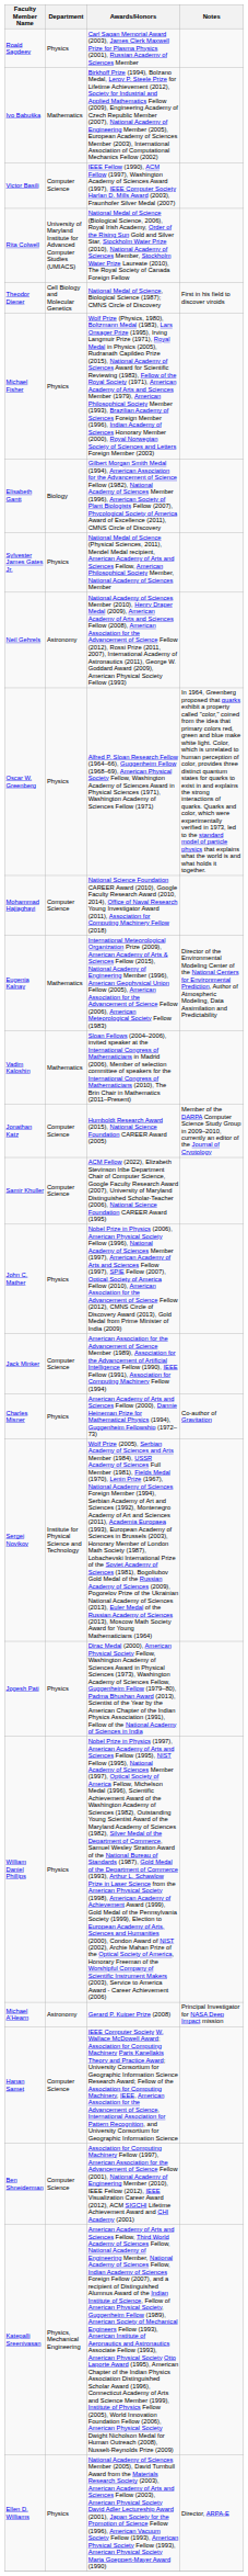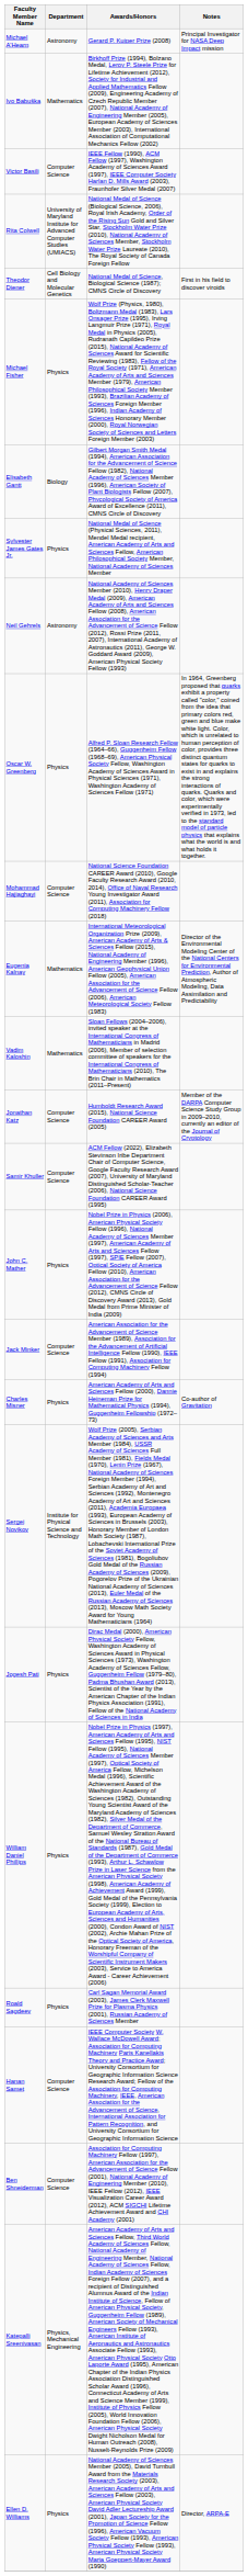 <table class="wikitable sortable">
 <tr>
 <th>Faculty Member Name</th>
 <th>Department</th>
 <th>Awards/Honors</th>
 <th>Notes</th>
 </tr>
 <tr>
-<td><a href='#'>Roald Sagdeev</a></td>
-<td>Physics</td>
-<td><a href='#'>Carl Sagan Memorial Award</a> (2003), <a href='#'>James Clerk Maxwell Prize for Plasma Physics</a> (2001), <a href='#'>Russian Academy of Sciences</a> Member</td>
-<td></td>
+<td><a href='#'>Michael A'Hearn</a></td>
+<td>Astronomy</td>
+<td><a href='#'>Gerard P. Kuiper Prize</a> (2008)</td>
+<td>Principal Investigator for <a href='#'>NASA Deep Impact</a> mission</td>
 </tr>
 <tr>
 <td><a href='#'>Ivo Babuška</a></td>
 <td>Mathematics</td>
 <td><a href='#'>Birkhoff Prize</a> (1994), Bolzano Medal, <a href='#'>Leroy P. Steele Prize</a> for Lifetime Achievement (2012), <a href='#'>Society for Industrial and Applied Mathematics</a> Fellow (2009), Engineering Academy of Czech Republic Member (2007), <a href='#'>National Academy of Engineering</a> Member (2005), European Academy of Sciences Member (2003), International Association of Computational Mechanics Fellow (2002)</td>
 <td></td>
 </tr>
 <tr>
 <td><a href='#'>Victor Basili</a></td>
 <td>Computer Science</td>
 <td><a href='#'>IEEE Fellow</a> (1990), <a href='#'>ACM Fellow</a> (1997), Washington Academy of Sciences Award (1997), <a href='#'>IEEE Computer Society</a> <a href='#'>Harlan D. Mills Award</a> (2003), Fraunhofer Silver Medal (2007)</td>
 <td></td>
 </tr>
 <tr>
 <td><a href='#'>Rita Colwell</a></td>
 <td>University of Maryland Institute for Advanced Computer Studies (UMIACS)</td>
 <td><a href='#'>National Medal of Science</a> (Biological Science, 2006), Royal Irish Academy, <a href='#'>Order of the Rising Sun</a> Gold and Silver Star, <a href='#'>Stockholm Water Prize</a> (2010), <a href='#'>National Academy of Sciences</a> Member, <a href='#'>Stockholm Water Prize</a> Laureate (2010), The Royal Society of Canada Foreign Fellow</td>
 <td></td>
 </tr>
 <tr>
 <td><a href='#'>Theodor Diener</a></td>
 <td>Cell Biology and Molecular Genetics</td>
 <td><a href='#'>National Medal of Science</a>, Biological Science (1987); CMNS Circle of Discovery</td>
 <td>First in his field to discover viroids</td>
 </tr>
 <tr>
 <td><a href='#'>Michael Fisher</a></td>
 <td>Physics</td>
 <td><a href='#'>Wolf Prize</a> (Physics, 1980), <a href='#'>Boltzmann Medal</a> (1983), <a href='#'>Lars Onsager Prize</a> (1995), Irving Langmuir Prize (1971), <a href='#'>Royal Medal</a> in Physics (2005), Rudranath Capildeo Prize (2015), <a href='#'>National Academy of Sciences</a> Award for Scientific Reviewing (1983), <a href='#'>Fellow of the Royal Society</a> (1971), <a href='#'>American Academy of Arts and Sciences</a> Member (1979), <a href='#'>American Philosophical Society</a> Member (1993), <a href='#'>Brazilian Academy of Sciences</a> Foreign Member (1996), <a href='#'>Indian Academy of Sciences</a> Honorary Member (2000), <a href='#'>Royal Norwegian Society of Sciences and Letters</a> Foreign Member (2003)</td>
 <td></td>
 </tr>
 <tr>
 <td><a href='#'>Elisabeth Gantt</a></td>
 <td>Biology</td>
 <td><a href='#'>Gilbert Morgan Smith Medal</a> (1994), <a href='#'>American Association for the Advancement of Science</a> Fellow (1982), <a href='#'>National Academy of Sciences</a> Member (1996), <a href='#'>American Society of Plant Biologists</a> Fellow (2007), <a href='#'>Phycological Society of America</a> Award of Excellence (2011), CMNS Circle of Discovery</td>
 <td></td>
 </tr>
 <tr>
 <td><a href='#'>Sylvester James Gates Jr.</a></td>
 <td>Physics</td>
 <td><a href='#'>National Medal of Science</a> (Physical Sciences, 2011), Mendel Medal recipient, <a href='#'>American Academy of Arts and Sciences</a> Fellow, <a href='#'>American Philosophical Society</a> Member, <a href='#'>National Academy of Sciences</a> Member</td>
 <td></td>
 </tr>
 <tr>
 <td><a href='#'>Neil Gehrels</a></td>
 <td>Astronomy</td>
 <td><a href='#'>National Academy of Sciences</a> Member (2010), <a href='#'>Henry Draper Medal</a> (2009), <a href='#'>American Academy of Arts and Sciences</a> Fellow (2008), <a href='#'>American Association for the Advancement of Science</a> Fellow (2012), Rossi Prize (2011, 2007), International Academy of Astronautics (2011), George W. Goddard Award (2009), American Physical Society Fellow (1993)</td>
 <td></td>
 </tr>
 <tr>
 <td><a href='#'>Oscar W. Greenberg</a></td>
 <td>Physics</td>
 <td><a href='#'>Alfred P. Sloan Research Fellow</a> (1964–66), <a href='#'>Guggenheim Fellow</a> (1968–69), <a href='#'>American Physical Society</a> Fellow, Washington Academy of Sciences Award in Physical Sciences (1971), Washington Academy of Sciences Fellow (1971)</td>
 <td>In 1964, Greenberg proposed that <a href='#'>quarks</a> exhibit a property called "color," coined from the idea that primary colors red, green and blue make white light. Color, which is unrelated to human perception of color, provides three distinct quantum states for quarks to exist in and explains the strong interactions of quarks. Quarks and color, which were experimentally verified in 1973, led to the <a href='#'>standard model of particle physics</a> that explains what the world is and what holds it together.</td>
 </tr>
 <tr>
 <td><a href='#'>Mohammad Hajiaghayi</a></td>
 <td>Computer Science</td>
 <td><a href='#'>National Science Foundation</a> CAREER Award (2010), Google Faculty Research Award (2010, 2014), <a href='#'>Office of Naval Research</a> Young Investigator Award (2011), <a href='#'>Association for Computing Machinery Fellow</a> (2018)</td>
 <td></td>
 </tr>
 <tr>
 <td><a href='#'>Eugenia Kalnay</a></td>
 <td>Mathematics</td>
 <td><a href='#'>International Meteorological Organization</a> Prize (2009), <a href='#'>American Academy of Arts & Sciences</a> Fellow (2015), <a href='#'>National Academy of Engineering</a> Member (1996), <a href='#'>American Geophysical Union</a> Fellow (2005), <a href='#'>American Association for the Advancement of Science</a> Fellow (2006), <a href='#'>American Meteorological Society</a> Fellow (1983)</td>
 <td>Director of the Environmental Modeling Center of the <a href='#'>National Centers for Environmental Prediction</a>, Author of Atmospheric Modeling, Data Assimilation and Predictability</td>
 </tr>
 <tr>
 <td><a href='#'>Vadim Kaloshin</a></td>
 <td>Mathematics</td>
 <td><a href='#'>Sloan Fellows</a> (2004–2006), invited speaker at the <a href='#'>International Congress of Mathematicians</a> in Madrid (2006), Member of selection committee of speakers for the <a href='#'>International Congress of Mathematicians</a> (2010), The Brin Chair in Mathematics (2011–Present)</td>
 <td></td>
 </tr>
 <tr>
 <td><a href='#'>Jonathan Katz</a></td>
 <td>Computer Science</td>
 <td><a href='#'>Humboldt Research Award</a> (2015), <a href='#'>National Science Foundation</a> CAREER Award (2005)</td>
 <td>Member of the <a href='#'>DARPA</a> Computer Science Study Group in 2009–2010, currently an editor of the <a href='#'>Journal of Cryptology</a></td>
 </tr>
 <tr>
 <td><a href='#'>Samir Khuller</a></td>
 <td>Computer Science</td>
 <td><a href='#'>ACM Fellow</a> (2022), Elizabeth Stevinson Iribe Department Chair of Computer Science, Google Faculty Research Award (2007), University of Maryland Distinguished Scholar-Teacher (2006), <a href='#'>National Science Foundation</a> CAREER Award (1995)</td>
 <td></td>
 </tr>
 <tr>
 <td><a href='#'>John C. Mather</a></td>
 <td>Physics</td>
 <td><a href='#'>Nobel Prize in Physics</a> (2006), <a href='#'>American Physical Society</a> Fellow (1996), <a href='#'>National Academy of Sciences</a> Member (1997),  <a href='#'>American Academy of Arts and Sciences</a> Fellow (1997), <a href='#'>SPIE</a> Fellow (2007), <a href='#'>Optical Society of America</a> Fellow (2010), <a href='#'>American Association for the Advancement of Science</a> Fellow (2012), CMNS Circle of Discovery Award (2013), Gold Medal from Prime Minister of India (2009)</td>
 <td></td>
 </tr>
 <tr>
 <td><a href='#'>Jack Minker</a></td>
 <td>Computer Science</td>
 <td><a href='#'>American Association for the Advancement of Science</a> Member (1989), <a href='#'>Association for the Advancement of Artificial Intelligence</a> Fellow (1990), <a href='#'>IEEE</a> Fellow (1991), <a href='#'>Association for Computing Machinery</a> Fellow (1994)</td>
 <td></td>
 </tr>
 <tr>
 <td><a href='#'>Charles Misner</a></td>
 <td>Physics</td>
 <td><a href='#'>American Academy of Arts and Sciences</a> Fellow (2000), <a href='#'>Dannie Heineman Prize for Mathematical Physics</a> (1994), <a href='#'>Guggenheim Fellowship</a> (1972–73)</td>
 <td>Co-author of <a href='#'>Gravitation</a></td>
 </tr>
 <tr>
 <td><a href='#'>Sergei Novikov</a></td>
 <td>Institute for Physical Science and Technology</td>
 <td><a href='#'>Wolf Prize</a> (2005), <a href='#'>Serbian Academy of Sciences and Arts</a> Member (1984), <a href='#'>USSR Academy of Sciences</a> Full Member (1981), <a href='#'>Fields Medal</a> (1970), <a href='#'>Lenin Prize</a> (1967), <a href='#'>National Academy of Sciences</a> Foreign Member (1994), Serbian Academy of Art and Sciences (1992), Montenegro Academy of Art and Sciences (2011), <a href='#'>Academia Europaea</a> (1993), European Academy of Sciences in Brussels (2003), Honorary Member of London Math Society (1987), Lobachevski International Prize of the <a href='#'>Soviet Academy of Sciences</a> (1981), Bogoliubov Gold Medal of the <a href='#'>Russian Academy of Sciences</a> (2009), Pogorelov Prize of the Ukrainian National Academy of Sciences (2013), <a href='#'>Euler Medal</a> of the <a href='#'>Russian Academy of Sciences</a> (2013), Moscow Math Society Award for Young Mathematicians (1964)</td>
 <td></td>
 </tr>
 <tr>
 <td><a href='#'>Jogesh Pati</a></td>
 <td>Physics</td>
 <td><a href='#'>Dirac Medal</a> (2000), <a href='#'>American Physical Society</a> Fellow, Washington Academy of Sciences Award in Physical Sciences (1973), Washington Academy of Sciences Fellow, <a href='#'>Guggenheim Fellow</a> (1979–80), <a href='#'>Padma Bhushan Award</a> (2013), Scientist of the Year by the American Chapter of the Indian Physics Association (1991), Fellow of the <a href='#'>National Academy of Sciences in India</a></td>
 <td></td>
 </tr>
 <tr>
 <td><a href='#'>William Daniel Phillips</a></td>
 <td>Physics</td>
 <td><a href='#'>Nobel Prize in Physics</a> (1997), <a href='#'>American Academy of Arts and Sciences</a> Fellow (1995), <a href='#'>NIST</a> Fellow (1995), <a href='#'>National Academy of Sciences</a> Member (1997), <a href='#'>Optical Society of America</a> Fellow, Michelson Medal (1996), Scientific Achievement Award of the Washington Academy of Sciences (1982), Outstanding Young Scientist Award of the Maryland Academy of Sciences (1982), <a href='#'>Silver Medal of the Department of Commerce</a>, Samuel Wesley Stratton Award of the <a href='#'>National Bureau of Standards</a> (1987), <a href='#'>Gold Medal of the Department of Commerce</a> (1993), <a href='#'>Arthur L. Schawlow Prize in Laser Science</a> from the <a href='#'>American Physical Society</a> (1998), <a href='#'>American Academy of Achievement</a> Award (1999), Gold Medal of the Pennsylvania Society (1999), Election to <a href='#'>European Academy of Arts, Sciences and Humanities</a> (2000), Condon Award of <a href='#'>NIST</a> (2002), Archie Mahan Prize of the <a href='#'>Optical Society of America</a>, Honorary Freeman of the <a href='#'>Worshipful Company of Scientific Instrument Makers</a> (2003), Service to America Award - Career Achievement (2006)</td>
 <td></td>
 </tr>
 <tr>
-<td><a href='#'>Michael A'Hearn</a></td>
-<td>Astronomy</td>
-<td><a href='#'>Gerard P. Kuiper Prize</a> (2008)</td>
-<td>Principal Investigator for <a href='#'>NASA Deep Impact</a> mission</td>
+<td><a href='#'>Roald Sagdeev</a></td>
+<td>Physics</td>
+<td><a href='#'>Carl Sagan Memorial Award</a> (2003), <a href='#'>James Clerk Maxwell Prize for Plasma Physics</a> (2001), <a href='#'>Russian Academy of Sciences</a> Member</td>
+<td></td>
 </tr>
 <tr>
 <td><a href='#'>Hanan Samet</a></td>
 <td>Computer Science</td>
 <td><a href='#'>IEEE Computer Society</a> <a href='#'>W. Wallace McDowell Award</a>; <a href='#'>Association for Computing Machinery</a> <a href='#'>Paris Kanellakis Theory and Practice Award</a>; University Consortium for Geographic Information Science Research Award; Fellow of the <a href='#'>Association for Computing Machinery</a>, <a href='#'>IEEE</a>, <a href='#'>American Association for the Advancement of Science</a>, <a href='#'>International Association for Pattern Recognition</a>, and University Consortium for Geographic Information Science</td>
 <td></td>
 </tr>
 <tr>
 <td><a href='#'>Ben Shneiderman</a></td>
 <td>Computer Science</td>
 <td><a href='#'>Association for Computing Machinery</a> Fellow (1997), <a href='#'>American Association for the Advancement of Science</a> Fellow (2001), <a href='#'>National Academy of Engineering</a> Member (2010), IEEE Fellow (2012), <a href='#'>IEEE</a> Visualization Career Award (2012), ACM <a href='#'>SIGCHI</a> Lifetime Achievement Award and <a href='#'>CHI Academy</a> (2001)</td>
 <td></td>
 </tr>
 <tr>
 <td><a href='#'>Katepalli Sreenivasan</a></td>
 <td>Physics, Mechanical Engineering</td>
 <td><a href='#'>American Academy of Arts and Sciences</a> Fellow, <a href='#'>Third World Academy of Sciences</a> Fellow, <a href='#'>National Academy of Engineering</a> Member, <a href='#'>National Academy of Sciences</a> Fellow, <a href='#'>Indian Academy of Sciences</a> Foreign Fellow (2007), and a recipient of Distinguished Alumnus Award of the <a href='#'>Indian Institute of Science</a>, Fellow of <a href='#'>American Physical Society</a>, <a href='#'>Guggenheim Fellow</a> (1989), <a href='#'>American Society of Mechanical Engineers</a> Fellow (1993), <a href='#'>American Institute of Aeronautics and Astronautics</a> Associate Fellow (1993), <a href='#'>American Physical Society</a> <a href='#'>Otto Laporte Award</a> (1995), American Chapter of the Indian Physics Association Distinguished Scholar Award (1996), Connecticut Academy of Arts and Science Member (1999), <a href='#'>Institute of Physics</a> Fellow (2005), World Innovation Foundation Fellow (2006), <a href='#'>American Physical Society</a> Dwight Nicholson Medal for Human Outreach (2008), Nusselt-Reynolds Prize (2009)</td>
 <td></td>
 </tr>
 <tr>
 <td><a href='#'>Ellen D. Williams</a></td>
 <td>Physics</td>
 <td><a href='#'>National Academy of Sciences</a> Member (2005), David Turnbull Award from the <a href='#'>Materials Research Society</a> (2003), <a href='#'>American Academy of Arts and Sciences</a> Fellow (2003), <a href='#'>American Physical Society</a> <a href='#'>David Adler Lectureship Award</a> (2001), <a href='#'>Japan Society for the Promotion of Science</a> Fellow (1996), <a href='#'>American Vacuum Society</a> Fellow (1993), <a href='#'>American Physical Society</a> Fellow (1993), <a href='#'>American Physical Society</a> <a href='#'>Maria Goeppert-Mayer Award</a> (1990)</td>
 <td>Director, <a href='#'>ARPA-E</a></td>
 </tr>
 <tr>
 </tr>
 </table>
